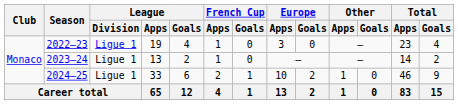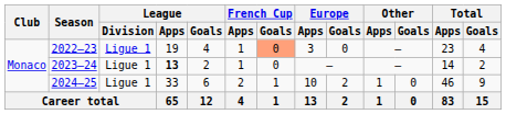 <table class="wikitable" style="text-align: center;">
 <tr>
 <th rowspan="2">Club</th>
 <th rowspan="2">Season</th>
 <th colspan="3">League</th>
 <th colspan="2"><a href='#'>French Cup</a></th>
 <th colspan="2"><a href='#'>Europe</a></th>
 <th colspan="2">Other</th>
 <th colspan="2">Total</th>
 </tr>
 <tr>
 <th>Division</th>
 <th>Apps</th>
 <th>Goals</th>
 <th>Apps</th>
 <th>Goals</th>
 <th>Apps</th>
 <th>Goals</th>
 <th>Apps</th>
 <th>Goals</th>
 <th>Apps</th>
 <th>Goals</th>
 </tr>
 <tr>
 <td rowspan="3"><a href='#'>Monaco</a></td>
 <td><a href='#'>2022–23</a></td>
 <td><a href='#'>Ligue 1</a></td>
 <td>19</td>
 <td>4</td>
 <td>1</td>
-<td>0</td>
+<td style="background: lightsalmon;">0</td>
 <td>3</td>
 <td>0</td>
 <td colspan="2">—</td>
 <td>23</td>
 <td>4</td>
 </tr>
 <tr>
 <td><a href='#'>2023–24</a></td>
 <td>Ligue 1</td>
-<td>13</td>
+<td><strong>13</strong></td>
 <td>2</td>
 <td>1</td>
 <td>0</td>
 <td colspan="2">—</td>
 <td colspan="2">—</td>
 <td>14</td>
 <td>2</td>
 </tr>
 <tr>
 <td><a href='#'>2024–25</a></td>
 <td>Ligue 1</td>
 <td>33</td>
 <td>6</td>
 <td>2</td>
 <td>1</td>
 <td>10</td>
 <td>2</td>
 <td>1</td>
 <td>0</td>
 <td>46</td>
 <td>9</td>
 </tr>
 <tr>
 <th colspan="3">Career total</th>
 <th>65</th>
 <th>12</th>
 <th>4</th>
 <th>1</th>
 <th>13</th>
 <th>2</th>
 <th>1</th>
 <th>0</th>
 <th>83</th>
 <th>15</th>
 </tr>
 </table>
